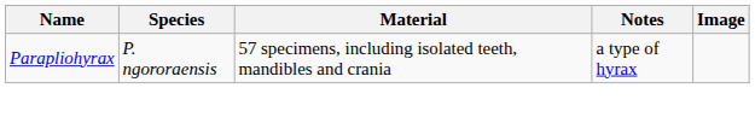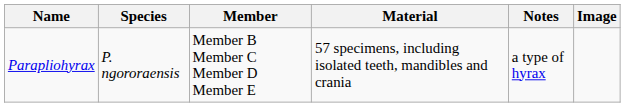 <table class="wikitable" align="center" width="75%">
 <tr>
 <th>Name</th>
 <th>Species</th>
+<th>Member</th>
 <th>Material</th>
 <th>Notes</th>
 <th>Image</th>
 </tr>
 <tr>
 <td><em><a href='#'>Parapliohyrax</a></em></td>
 <td><em>P. ngororaensis</em></td>
+<td>Member B<br>Member C Member D Member E</td>
 <td>57 specimens, including isolated teeth, mandibles and crania</td>
 <td>a type of <a href='#'>hyrax</a></td>
 <td></td>
 </tr>
 </table>
